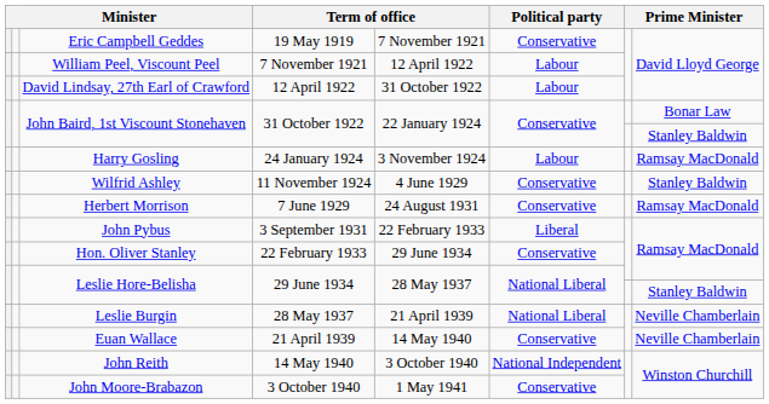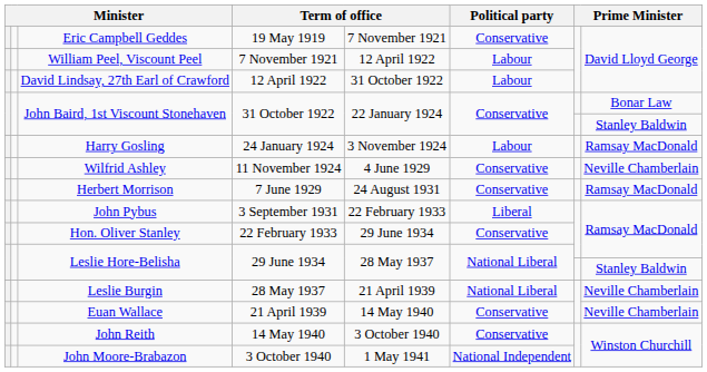 <table class="wikitable" style="text-align:center">
 <tr>
 <th colspan=3>Minister</th>
 <th colspan=2>Term of office</th>
 <th>Political party</th>
 <th colspan=2>Prime Minister</th>
 </tr>
 <tr style="height:1em">
 <th style="background-color:"></th>
 <td></td>
 <td><a href='#'>Eric Campbell Geddes</a></td>
 <td>19 May 1919</td>
 <td>7 November 1921</td>
 <td><a href='#'>Conservative</a></td>
 <td rowspan=3 style="background-color:"></td>
 <td rowspan=3><a href='#'>David Lloyd George</a><br></td>
 </tr>
 <tr style="height:1em">
 <th style="background-color:"></th>
 <td></td>
 <td><a href='#'>William Peel, Viscount Peel</a></td>
 <td>7 November 1921</td>
 <td>12 April 1922</td>
 <td><a href='#'>Labour</a></td>
 </tr>
 <tr style="height:1em">
 <th style="background-color:"></th>
 <td></td>
 <td><a href='#'>David Lindsay, 27th Earl of Crawford</a></td>
 <td>12 April 1922</td>
 <td>31 October 1922</td>
 <td><a href='#'>Labour</a></td>
 </tr>
 <tr style="height:1em">
 <th rowspan=2 style="background-color:"></th>
 <td rowspan=2></td>
 <td rowspan=2><a href='#'>John Baird, 1st Viscount Stonehaven</a></td>
 <td rowspan=2>31 October 1922</td>
 <td rowspan=2>22 January 1924</td>
 <td rowspan=2><a href='#'>Conservative</a></td>
 <td style="background-color:"></td>
 <td><a href='#'>Bonar Law</a></td>
 </tr>
 <tr style="height:1em">
 <td style="background-color:"></td>
 <td><a href='#'>Stanley Baldwin</a></td>
 </tr>
 <tr style="height:1em">
 <th style="background-color:"></th>
 <td></td>
 <td><a href='#'>Harry Gosling</a></td>
 <td>24 January 1924</td>
 <td>3 November 1924</td>
 <td><a href='#'>Labour</a></td>
 <td style="background-color:"></td>
 <td><a href='#'>Ramsay MacDonald</a></td>
 </tr>
 <tr style="height:1em">
 <th style="background-color:"></th>
 <td></td>
 <td><a href='#'>Wilfrid Ashley</a></td>
 <td>11 November 1924</td>
 <td>4 June 1929</td>
 <td><a href='#'>Conservative</a></td>
 <td style="background-color:"></td>
-<td><a href='#'>Stanley Baldwin</a></td>
+<td><a href='#'>Neville Chamberlain</a><br></td>
 </tr>
 <tr style="height:1em">
 <th style="background-color:"></th>
 <td></td>
 <td><a href='#'>Herbert Morrison</a></td>
 <td>7 June 1929</td>
 <td>24 August 1931</td>
 <td><a href='#'>Conservative</a></td>
 <td style="background-color:"></td>
 <td><a href='#'>Ramsay MacDonald</a></td>
 </tr>
 <tr style="height:1em">
 <th style="background-color:"></th>
 <td></td>
 <td><a href='#'>John Pybus</a></td>
 <td>3 September 1931</td>
 <td>22 February 1933</td>
 <td><a href='#'>Liberal</a></td>
 <td rowspan=3 style="background-color:"></td>
 <td rowspan=3><a href='#'>Ramsay MacDonald</a><br></td>
 </tr>
 <tr style="height:1em">
 <th style="background-color:"></th>
 <td></td>
 <td><a href='#'>Hon. Oliver Stanley</a></td>
 <td>22 February 1933</td>
 <td>29 June 1934</td>
 <td><a href='#'>Conservative</a></td>
 </tr>
 <tr style="height:1em">
 <th rowspan=2 style="background-color:"></th>
 <td rowspan=2></td>
 <td rowspan=2><a href='#'>Leslie Hore-Belisha</a></td>
 <td rowspan=2>29 June 1934</td>
 <td rowspan=2>28 May 1937</td>
 <td rowspan=2><a href='#'>National Liberal</a></td>
 </tr>
 <tr style="height:1em">
 <td style="background-color:"></td>
 <td><a href='#'>Stanley Baldwin</a><br></td>
 </tr>
 <tr style="height:1em">
 <th style="background-color:"></th>
 <td></td>
 <td><a href='#'>Leslie Burgin</a></td>
 <td>28 May 1937</td>
 <td>21 April 1939</td>
 <td><a href='#'>National Liberal</a></td>
 <td rowspan=2 style="background-color:"></td>
 <td><a href='#'>Neville Chamberlain</a><br></td>
 </tr>
 <tr style="height:1em">
 <th style="background-color:"></th>
 <td></td>
 <td><a href='#'>Euan Wallace</a></td>
 <td>21 April 1939</td>
 <td>14 May 1940</td>
 <td><a href='#'>Conservative</a></td>
 <td><a href='#'>Neville Chamberlain</a><br></td>
 </tr>
 <tr style="height:1em">
 <th style="background-color:"></th>
 <td></td>
 <td><a href='#'>John Reith</a></td>
 <td>14 May 1940</td>
 <td>3 October 1940</td>
-<td><a href='#'>National Independent</a></td>
+<td><a href='#'>Conservative</a></td>
 <td rowspan=2 style="background-color:"></td>
 <td rowspan=2><a href='#'>Winston Churchill</a><br></td>
 </tr>
 <tr style="height:1em">
 <th style="background-color:"></th>
 <td></td>
 <td><a href='#'>John Moore-Brabazon</a></td>
 <td>3 October 1940</td>
 <td>1 May 1941</td>
-<td><a href='#'>Conservative</a></td>
+<td><a href='#'>National Independent</a></td>
 </tr>
 </table>
